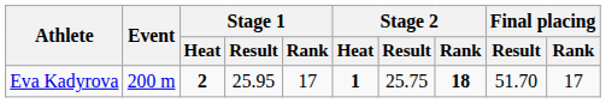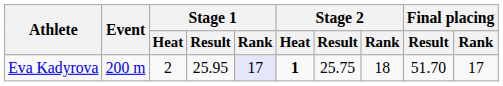 <table class="wikitable" style="font-size:90%">
 <tr>
 <th rowspan=2>Athlete</th>
 <th rowspan=2>Event</th>
 <th colspan=3>Stage 1</th>
 <th colspan=3>Stage 2</th>
 <th colspan=2>Final placing</th>
 </tr>
 <tr style="font-size:95%">
 <th>Heat</th>
 <th>Result</th>
 <th>Rank</th>
 <th>Heat</th>
 <th>Result</th>
 <th>Rank</th>
 <th>Result</th>
 <th>Rank</th>
 </tr>
 <tr align=center>
 <td align=left><a href='#'>Eva Kadyrova</a></td>
 <td align=left><a href='#'>200 m</a></td>
-<td><strong>2</strong></td>
+<td>2</td>
 <td>25.95</td>
-<td>17</td>
+<td style="background: lavender;">17</td>
 <td><strong>1</strong></td>
 <td>25.75</td>
-<td><strong>18</strong></td>
+<td>18</td>
 <td>51.70</td>
 <td>17</td>
 </tr>
 </table>
